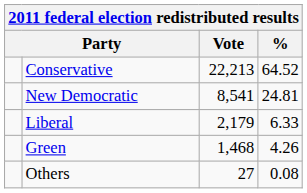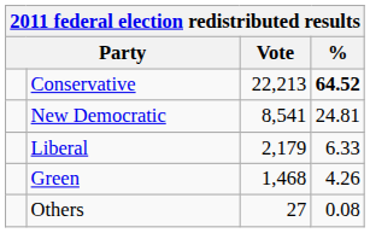 <table class="wikitable">
 <tr>
 <th colspan="4"><a href='#'>2011 federal election</a> redistributed results</th>
 </tr>
 <tr>
 <th bgcolor="#DDDDFF" width="130px" colspan="2">Party</th>
 <th bgcolor="#DDDDFF" width="50px">Vote</th>
 <th bgcolor="#DDDDFF" width="30px">%</th>
 </tr>
 <tr>
 <td> </td>
 <td><a href='#'>Conservative</a></td>
 <td align=right>22,213</td>
-<td align=right>64.52</td>
+<td align=right><strong>64.52</strong></td>
 </tr>
 <tr>
 <td> </td>
 <td><a href='#'>New Democratic</a></td>
 <td align=right>8,541</td>
 <td align=right>24.81</td>
 </tr>
 <tr>
 <td> </td>
 <td><a href='#'>Liberal</a></td>
 <td align=right>2,179</td>
 <td align=right>6.33</td>
 </tr>
 <tr>
 <td> </td>
 <td><a href='#'>Green</a></td>
 <td align=right>1,468</td>
 <td align=right>4.26</td>
 </tr>
 <tr>
 <td> </td>
 <td>Others</td>
 <td align=right>27</td>
 <td align=right>0.08</td>
 </tr>
 </table>
